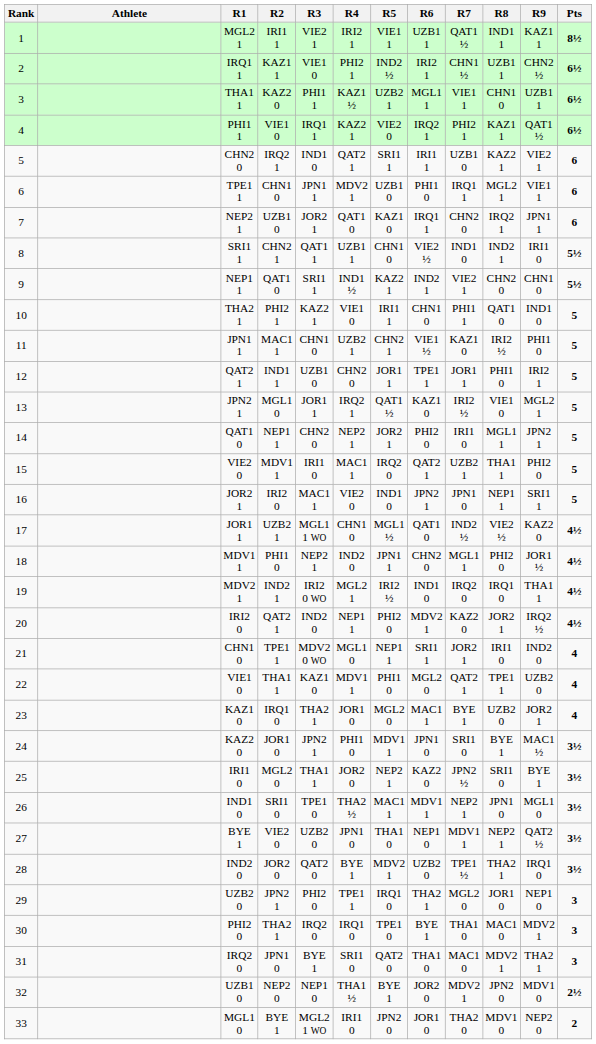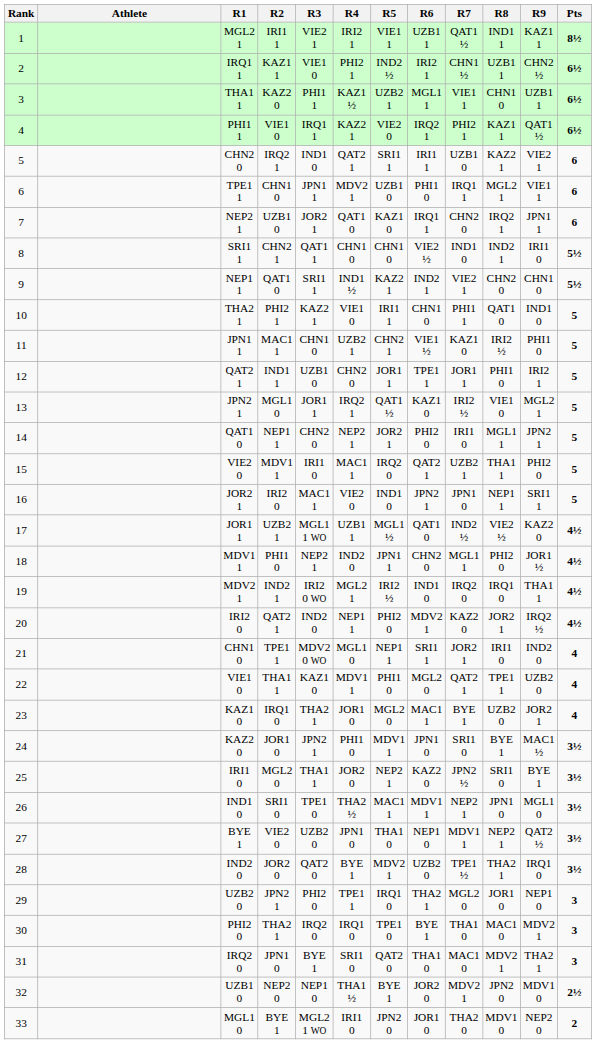 <table class=wikitable style="text-align:center">
 <tr>
 <th width=40>Rank</th>
 <th width=250>Athlete</th>
 <th width=40>R1</th>
 <th width=40>R2</th>
 <th width=40>R3</th>
 <th width=40>R4</th>
 <th width=40>R5</th>
 <th width=40>R6</th>
 <th width=40>R7</th>
 <th width=40>R8</th>
 <th width=40>R9</th>
 <th width=40>Pts</th>
 </tr>
 <tr style="background:#ccffcc;">
 <td>1</td>
 <td align=left></td>
 <td>MGL2<br>1</td>
 <td>IRI1<br>1</td>
 <td>VIE2<br>1</td>
 <td>IRI2<br>1</td>
 <td>VIE1<br>1</td>
 <td>UZB1<br>1</td>
 <td>QAT1<br>½</td>
 <td>IND1<br>1</td>
 <td>KAZ1<br>1</td>
 <td><strong>8½</strong></td>
 </tr>
 <tr style="background:#ccffcc;">
 <td>2</td>
 <td align=left></td>
 <td>IRQ1<br>1</td>
 <td>KAZ1<br>1</td>
 <td>VIE1<br>0</td>
 <td>PHI2<br>1</td>
 <td>IND2<br>½</td>
 <td>IRI2<br>1</td>
 <td>CHN1<br>½</td>
 <td>UZB1<br>1</td>
 <td>CHN2<br>½</td>
 <td><strong>6½</strong></td>
 </tr>
 <tr style="background:#ccffcc;">
 <td>3</td>
 <td align=left></td>
 <td>THA1<br>1</td>
 <td>KAZ2<br>0</td>
 <td>PHI1<br>1</td>
 <td>KAZ1<br>½</td>
 <td>UZB2<br>1</td>
 <td>MGL1<br>1</td>
 <td>VIE1<br>1</td>
 <td>CHN1<br>0</td>
 <td>UZB1<br>1</td>
 <td><strong>6½</strong></td>
 </tr>
 <tr style="background:#ccffcc;">
 <td>4</td>
 <td align=left></td>
 <td>PHI1<br>1</td>
 <td>VIE1<br>0</td>
 <td>IRQ1<br>1</td>
 <td>KAZ2<br>1</td>
 <td>VIE2<br>0</td>
 <td>IRQ2<br>1</td>
 <td>PHI2<br>1</td>
 <td>KAZ1<br>1</td>
 <td>QAT1<br>½</td>
 <td><strong>6½</strong></td>
 </tr>
 <tr>
 <td>5</td>
 <td align=left></td>
 <td>CHN2<br>0</td>
 <td>IRQ2<br>1</td>
 <td>IND1<br>0</td>
 <td>QAT2<br>1</td>
 <td>SRI1<br>1</td>
 <td>IRI1<br>1</td>
 <td>UZB1<br>0</td>
 <td>KAZ2<br>1</td>
 <td>VIE2<br>1</td>
 <td><strong>6</strong></td>
 </tr>
 <tr>
 <td>6</td>
 <td align=left></td>
 <td>TPE1<br>1</td>
 <td>CHN1<br>0</td>
 <td>JPN1<br>1</td>
 <td>MDV2<br>1</td>
 <td>UZB1<br>0</td>
 <td>PHI1<br>0</td>
 <td>IRQ1<br>1</td>
 <td>MGL2<br>1</td>
 <td>VIE1<br>1</td>
 <td><strong>6</strong></td>
 </tr>
 <tr>
 <td>7</td>
 <td align=left></td>
 <td>NEP2<br>1</td>
 <td>UZB1<br>0</td>
 <td>JOR2<br>1</td>
 <td>QAT1<br>0</td>
 <td>KAZ1<br>0</td>
 <td>IRQ1<br>1</td>
 <td>CHN2<br>0</td>
 <td>IRQ2<br>1</td>
 <td>JPN1<br>1</td>
 <td><strong>6</strong></td>
 </tr>
 <tr>
 <td>8</td>
 <td align=left></td>
 <td>SRI1<br>1</td>
 <td>CHN2<br>1</td>
 <td>QAT1<br>1</td>
-<td>UZB1<br>1</td>
+<td>CHN1<br>0</td>
 <td>CHN1<br>0</td>
 <td>VIE2<br>½</td>
 <td>IND1<br>0</td>
 <td>IND2<br>1</td>
 <td>IRI1<br>0</td>
 <td><strong>5½</strong></td>
 </tr>
 <tr>
 <td>9</td>
 <td align=left></td>
 <td>NEP1<br>1</td>
 <td>QAT1<br>0</td>
 <td>SRI1<br>1</td>
 <td>IND1<br>½</td>
 <td>KAZ2<br>1</td>
 <td>IND2<br>1</td>
 <td>VIE2<br>1</td>
 <td>CHN2<br>0</td>
 <td>CHN1<br>0</td>
 <td><strong>5½</strong></td>
 </tr>
 <tr>
 <td>10</td>
 <td align=left></td>
 <td>THA2<br>1</td>
 <td>PHI2<br>1</td>
 <td>KAZ2<br>1</td>
 <td>VIE1<br>0</td>
 <td>IRI1<br>1</td>
 <td>CHN1<br>0</td>
 <td>PHI1<br>1</td>
 <td>QAT1<br>0</td>
 <td>IND1<br>0</td>
 <td><strong>5</strong></td>
 </tr>
 <tr>
 <td>11</td>
 <td align=left></td>
 <td>JPN1<br>1</td>
 <td>MAC1<br>1</td>
 <td>CHN1<br>0</td>
 <td>UZB2<br>1</td>
 <td>CHN2<br>1</td>
 <td>VIE1<br>½</td>
 <td>KAZ1<br>0</td>
 <td>IRI2<br>½</td>
 <td>PHI1<br>0</td>
 <td><strong>5</strong></td>
 </tr>
 <tr>
 <td>12</td>
 <td align=left></td>
 <td>QAT2<br>1</td>
 <td>IND1<br>1</td>
 <td>UZB1<br>0</td>
 <td>CHN2<br>0</td>
 <td>JOR1<br>1</td>
 <td>TPE1<br>1</td>
 <td>JOR1<br>1</td>
 <td>PHI1<br>0</td>
 <td>IRI2<br>1</td>
 <td><strong>5</strong></td>
 </tr>
 <tr>
 <td>13</td>
 <td align=left></td>
 <td>JPN2<br>1</td>
 <td>MGL1<br>0</td>
 <td>JOR1<br>1</td>
 <td>IRQ2<br>1</td>
 <td>QAT1<br>½</td>
 <td>KAZ1<br>0</td>
 <td>IRI2<br>½</td>
 <td>VIE1<br>0</td>
 <td>MGL2<br>1</td>
 <td><strong>5</strong></td>
 </tr>
 <tr>
 <td>14</td>
 <td align=left></td>
 <td>QAT1<br>0</td>
 <td>NEP1<br>1</td>
 <td>CHN2<br>0</td>
 <td>NEP2<br>1</td>
 <td>JOR2<br>1</td>
 <td>PHI2<br>0</td>
 <td>IRI1<br>0</td>
 <td>MGL1<br>1</td>
 <td>JPN2<br>1</td>
 <td><strong>5</strong></td>
 </tr>
 <tr>
 <td>15</td>
 <td align=left></td>
 <td>VIE2<br>0</td>
 <td>MDV1<br>1</td>
 <td>IRI1<br>0</td>
 <td>MAC1<br>1</td>
 <td>IRQ2<br>0</td>
 <td>QAT2<br>1</td>
 <td>UZB2<br>1</td>
 <td>THA1<br>1</td>
 <td>PHI2<br>0</td>
 <td><strong>5</strong></td>
 </tr>
 <tr>
 <td>16</td>
 <td align=left></td>
 <td>JOR2<br>1</td>
 <td>IRI2<br>0</td>
 <td>MAC1<br>1</td>
 <td>VIE2<br>0</td>
 <td>IND1<br>0</td>
 <td>JPN2<br>1</td>
 <td>JPN1<br>0</td>
 <td>NEP1<br>1</td>
 <td>SRI1<br>1</td>
 <td><strong>5</strong></td>
 </tr>
 <tr>
 <td>17</td>
 <td align=left></td>
 <td>JOR1<br>1</td>
 <td>UZB2<br>1</td>
 <td>MGL1<br>1 <small>WO</small></td>
-<td>CHN1<br>0</td>
+<td>UZB1<br>1</td>
 <td>MGL1<br>½</td>
 <td>QAT1<br>0</td>
 <td>IND2<br>½</td>
 <td>VIE2<br>½</td>
 <td>KAZ2<br>0</td>
 <td><strong>4½</strong></td>
 </tr>
 <tr>
 <td>18</td>
 <td align=left></td>
 <td>MDV1<br>1</td>
 <td>PHI1<br>0</td>
 <td>NEP2<br>1</td>
 <td>IND2<br>0</td>
 <td>JPN1<br>1</td>
 <td>CHN2<br>0</td>
 <td>MGL1<br>1</td>
 <td>PHI2<br>0</td>
 <td>JOR1<br>½</td>
 <td><strong>4½</strong></td>
 </tr>
 <tr>
 <td>19</td>
 <td align=left></td>
 <td>MDV2<br>1</td>
 <td>IND2<br>1</td>
 <td>IRI2<br>0 <small>WO</small></td>
 <td>MGL2<br>1</td>
 <td>IRI2<br>½</td>
 <td>IND1<br>0</td>
 <td>IRQ2<br>0</td>
 <td>IRQ1<br>0</td>
 <td>THA1<br>1</td>
 <td><strong>4½</strong></td>
 </tr>
 <tr>
 <td>20</td>
 <td align=left></td>
 <td>IRI2<br>0</td>
 <td>QAT2<br>1</td>
 <td>IND2<br>0</td>
 <td>NEP1<br>1</td>
 <td>PHI2<br>0</td>
 <td>MDV2<br>1</td>
 <td>KAZ2<br>0</td>
 <td>JOR2<br>1</td>
 <td>IRQ2<br>½</td>
 <td><strong>4½</strong></td>
 </tr>
 <tr>
 <td>21</td>
 <td align=left></td>
 <td>CHN1<br>0</td>
 <td>TPE1<br>1</td>
 <td>MDV2<br>0 <small>WO</small></td>
 <td>MGL1<br>0</td>
 <td>NEP1<br>1</td>
 <td>SRI1<br>1</td>
 <td>JOR2<br>1</td>
 <td>IRI1<br>0</td>
 <td>IND2<br>0</td>
 <td><strong>4</strong></td>
 </tr>
 <tr>
 <td>22</td>
 <td align=left></td>
 <td>VIE1<br>0</td>
 <td>THA1<br>1</td>
 <td>KAZ1<br>0</td>
 <td>MDV1<br>1</td>
 <td>PHI1<br>0</td>
 <td>MGL2<br>0</td>
 <td>QAT2<br>1</td>
 <td>TPE1<br>1</td>
 <td>UZB2<br>0</td>
 <td><strong>4</strong></td>
 </tr>
 <tr>
 <td>23</td>
 <td align=left></td>
 <td>KAZ1<br>0</td>
 <td>IRQ1<br>0</td>
 <td>THA2<br>1</td>
 <td>JOR1<br>0</td>
 <td>MGL2<br>0</td>
 <td>MAC1<br>1</td>
 <td>BYE<br>1</td>
 <td>UZB2<br>0</td>
 <td>JOR2<br>1</td>
 <td><strong>4</strong></td>
 </tr>
 <tr>
 <td>24</td>
 <td align=left></td>
 <td>KAZ2<br>0</td>
 <td>JOR1<br>0</td>
 <td>JPN2<br>1</td>
 <td>PHI1<br>0</td>
 <td>MDV1<br>1</td>
 <td>JPN1<br>0</td>
 <td>SRI1<br>0</td>
 <td>BYE<br>1</td>
 <td>MAC1<br>½</td>
 <td><strong>3½</strong></td>
 </tr>
 <tr>
 <td>25</td>
 <td align=left></td>
 <td>IRI1<br>0</td>
 <td>MGL2<br>0</td>
 <td>THA1<br>1</td>
 <td>JOR2<br>0</td>
 <td>NEP2<br>1</td>
 <td>KAZ2<br>0</td>
 <td>JPN2<br>½</td>
 <td>SRI1<br>0</td>
 <td>BYE<br>1</td>
 <td><strong>3½</strong></td>
 </tr>
 <tr>
 <td>26</td>
 <td align=left></td>
 <td>IND1<br>0</td>
 <td>SRI1<br>0</td>
 <td>TPE1<br>0</td>
 <td>THA2<br>½</td>
 <td>MAC1<br>1</td>
 <td>MDV1<br>1</td>
 <td>NEP2<br>1</td>
 <td>JPN1<br>0</td>
 <td>MGL1<br>0</td>
 <td><strong>3½</strong></td>
 </tr>
 <tr>
 <td>27</td>
 <td align=left></td>
 <td>BYE<br>1</td>
 <td>VIE2<br>0</td>
 <td>UZB2<br>0</td>
 <td>JPN1<br>0</td>
 <td>THA1<br>0</td>
 <td>NEP1<br>0</td>
 <td>MDV1<br>1</td>
 <td>NEP2<br>1</td>
 <td>QAT2<br>½</td>
 <td><strong>3½</strong></td>
 </tr>
 <tr>
 <td>28</td>
 <td align=left></td>
 <td>IND2<br>0</td>
 <td>JOR2<br>0</td>
 <td>QAT2<br>0</td>
 <td>BYE<br>1</td>
 <td>MDV2<br>1</td>
 <td>UZB2<br>0</td>
 <td>TPE1<br>½</td>
 <td>THA2<br>1</td>
 <td>IRQ1<br>0</td>
 <td><strong>3½</strong></td>
 </tr>
 <tr>
 <td>29</td>
 <td align=left></td>
 <td>UZB2<br>0</td>
 <td>JPN2<br>1</td>
 <td>PHI2<br>0</td>
 <td>TPE1<br>1</td>
 <td>IRQ1<br>0</td>
 <td>THA2<br>1</td>
 <td>MGL2<br>0</td>
 <td>JOR1<br>0</td>
 <td>NEP1<br>0</td>
 <td><strong>3</strong></td>
 </tr>
 <tr>
 <td>30</td>
 <td align=left></td>
 <td>PHI2<br>0</td>
 <td>THA2<br>1</td>
 <td>IRQ2<br>0</td>
 <td>IRQ1<br>0</td>
 <td>TPE1<br>0</td>
 <td>BYE<br>1</td>
 <td>THA1<br>0</td>
 <td>MAC1<br>0</td>
 <td>MDV2<br>1</td>
 <td><strong>3</strong></td>
 </tr>
 <tr>
 <td>31</td>
 <td align=left></td>
 <td>IRQ2<br>0</td>
 <td>JPN1<br>0</td>
 <td>BYE<br>1</td>
 <td>SRI1<br>0</td>
 <td>QAT2<br>0</td>
 <td>THA1<br>0</td>
 <td>MAC1<br>0</td>
 <td>MDV2<br>1</td>
 <td>THA2<br>1</td>
 <td><strong>3</strong></td>
 </tr>
 <tr>
 <td>32</td>
 <td align=left></td>
 <td>UZB1<br>0</td>
 <td>NEP2<br>0</td>
 <td>NEP1<br>0</td>
 <td>THA1<br>½</td>
 <td>BYE<br>1</td>
 <td>JOR2<br>0</td>
 <td>MDV2<br>1</td>
 <td>JPN2<br>0</td>
 <td>MDV1<br>0</td>
 <td><strong>2½</strong></td>
 </tr>
 <tr>
 <td>33</td>
 <td align=left></td>
 <td>MGL1<br>0</td>
 <td>BYE<br>1</td>
 <td>MGL2<br>1 <small>WO</small></td>
 <td>IRI1<br>0</td>
 <td>JPN2<br>0</td>
 <td>JOR1<br>0</td>
 <td>THA2<br>0</td>
 <td>MDV1<br>0</td>
 <td>NEP2<br>0</td>
 <td><strong>2</strong></td>
 </tr>
 </table>
